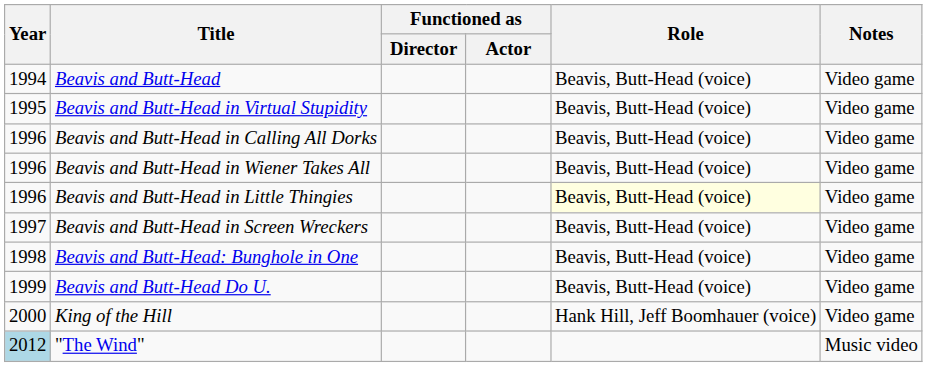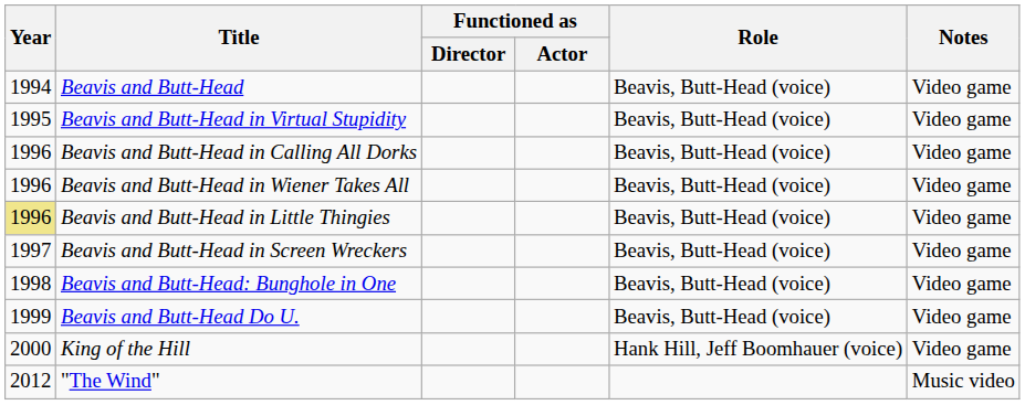 <table class="wikitable sortable plainrowheaders">
 <tr>
 <th scope="col" rowspan="2">Year</th>
 <th scope="col" rowspan="2">Title</th>
 <th scope="col" colspan="2">Functioned as</th>
 <th scope="col" rowspan="2">Role</th>
 <th scope="col" class="unsortable" rowspan="2">Notes</th>
 </tr>
 <tr>
 <th style="width:65px;">Director</th>
 <th style="width:65px;">Actor</th>
 </tr>
 <tr>
 <td>1994</td>
 <td><em><a href='#'>Beavis and Butt-Head</a></em></td>
 <td></td>
 <td></td>
 <td>Beavis, Butt-Head (voice)</td>
 <td>Video game</td>
 </tr>
 <tr>
 <td>1995</td>
 <td><em><a href='#'>Beavis and Butt-Head in Virtual Stupidity</a></em></td>
 <td></td>
 <td></td>
 <td>Beavis, Butt-Head (voice)</td>
 <td>Video game</td>
 </tr>
 <tr>
 <td>1996</td>
 <td><em>Beavis and Butt-Head in Calling All Dorks</em></td>
 <td></td>
 <td></td>
 <td>Beavis, Butt-Head (voice)</td>
 <td>Video game</td>
 </tr>
 <tr>
 <td>1996</td>
 <td><em>Beavis and Butt-Head in Wiener Takes All</em></td>
 <td></td>
 <td></td>
 <td>Beavis, Butt-Head (voice)</td>
 <td>Video game</td>
 </tr>
 <tr>
-<td>1996</td>
+<td style="background: khaki;">1996</td>
 <td><em>Beavis and Butt-Head in Little Thingies</em></td>
 <td></td>
 <td></td>
-<td style="background: lightyellow;">Beavis, Butt-Head (voice)</td>
+<td>Beavis, Butt-Head (voice)</td>
 <td>Video game</td>
 </tr>
 <tr>
 <td>1997</td>
 <td><em>Beavis and Butt-Head in Screen Wreckers</em></td>
 <td></td>
 <td></td>
 <td>Beavis, Butt-Head (voice)</td>
 <td>Video game</td>
 </tr>
 <tr>
 <td>1998</td>
 <td><em><a href='#'>Beavis and Butt-Head: Bunghole in One</a></em></td>
 <td></td>
 <td></td>
 <td>Beavis, Butt-Head (voice)</td>
 <td>Video game</td>
 </tr>
 <tr>
 <td>1999</td>
 <td><em><a href='#'>Beavis and Butt-Head Do U.</a></em></td>
 <td></td>
 <td></td>
 <td>Beavis, Butt-Head (voice)</td>
 <td>Video game</td>
 </tr>
 <tr>
 <td>2000</td>
 <td><em>King of the Hill</em></td>
 <td></td>
 <td></td>
 <td>Hank Hill, Jeff Boomhauer (voice)</td>
 <td>Video game</td>
 </tr>
 <tr>
-<td style="background: lightblue;">2012</td>
+<td>2012</td>
 <td>"<a href='#'>The Wind</a>"</td>
 <td></td>
 <td></td>
 <td></td>
 <td>Music video</td>
 </tr>
 </table>
